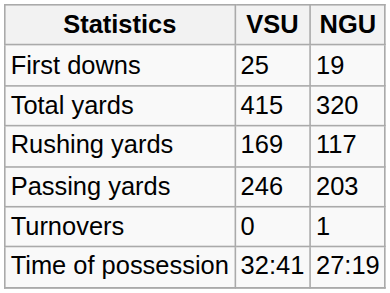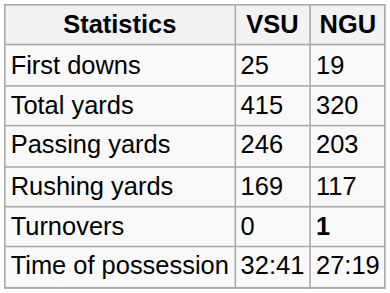 <table class="wikitable">
 <tr>
 <th>Statistics</th>
 <th>VSU</th>
 <th>NGU</th>
 </tr>
 <tr>
 <td>First downs</td>
 <td>25</td>
 <td>19</td>
 </tr>
 <tr>
 <td>Total yards</td>
 <td>415</td>
 <td>320</td>
 </tr>
 <tr>
+<td>Passing yards</td>
+<td>246</td>
+<td>203</td>
+</tr>
+<tr>
 <td>Rushing yards</td>
 <td>169</td>
 <td>117</td>
 </tr>
 <tr>
-<td>Passing yards</td>
-<td>246</td>
-<td>203</td>
-</tr>
-<tr>
 <td>Turnovers</td>
 <td>0</td>
-<td>1</td>
+<td><strong>1</strong></td>
 </tr>
 <tr>
 <td>Time of possession</td>
 <td>32:41</td>
 <td>27:19</td>
 </tr>
 <tr>
 </tr>
 </table>
